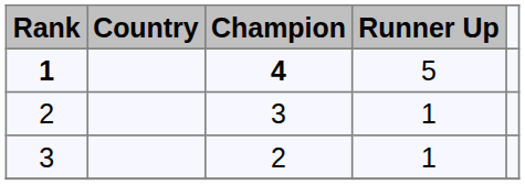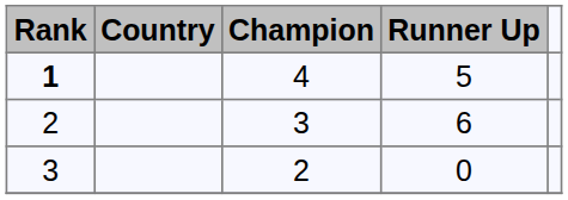 <table align="center" bgcolor="#f7f8ff" cellpadding="3" cellspacing="0" border="1" style="font-size: 95%; border: gray solid 1px; border-collapse: collapse; text-align: center;">
 <tr bgcolor="#CCCCCC" style="background-color: silver;">
 <th>Rank</th>
 <th>Country</th>
 <th>Champion</th>
 <th>Runner Up</th>
 </tr>
 <tr>
 <td><strong>1</strong></td>
 <td align=left></td>
-<td><strong>4</strong></td>
+<td>4</td>
 <td>5</td>
 <td></td>
 </tr>
 <tr>
 <td>2</td>
 <td align=left></td>
 <td>3</td>
-<td>1</td>
+<td>6</td>
 <td></td>
 </tr>
 <tr>
 <td>3</td>
 <td align=left></td>
 <td>2</td>
-<td>1</td>
+<td>0</td>
 <td></td>
 </tr>
 <tr>
 </tr>
 </table>
